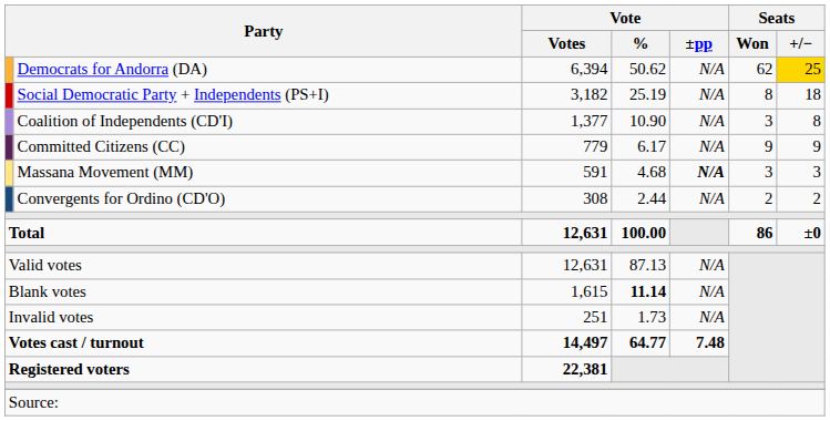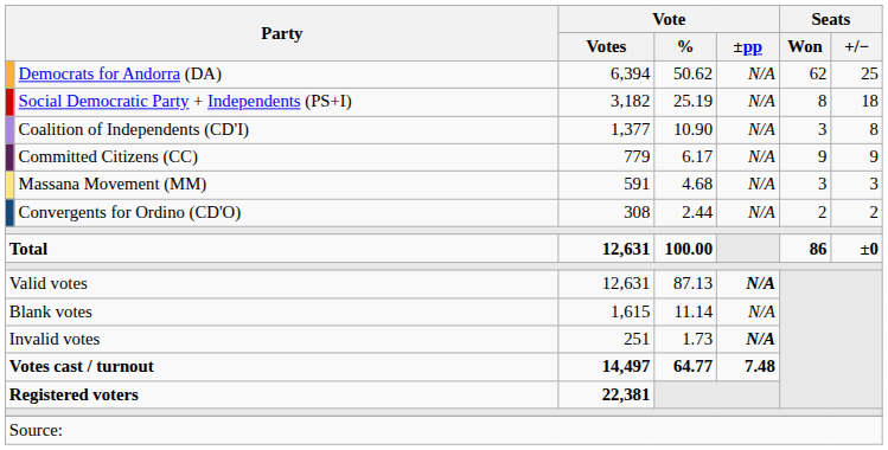 <table class="wikitable" style="text-align:right; font-size:100%; margin-bottom:0">
 <tr>
 <th align="left" rowspan="2" colspan="2" width="500">Party</th>
 <th colspan="3">Vote</th>
 <th colspan="2">Seats</th>
 </tr>
 <tr>
 <th width="80">Votes</th>
 <th width="50">%</th>
 <th width="50">±<a href='#'>pp</a></th>
 <th width="40">Won</th>
 <th width="40">+/−</th>
 </tr>
 <tr>
 <td width="1" style="color:inherit;background:#FFB232"></td>
 <td align="left"><a href='#'>Democrats for Andorra</a> (DA)</td>
 <td>6,394</td>
 <td>50.62</td>
 <td><em>N/A</em></td>
 <td>62</td>
-<td style="background: gold;">25</td>
+<td>25</td>
 </tr>
 <tr>
 <td width="1" style="color:inherit;background:#D40000"></td>
 <td align="left"><a href='#'>Social Democratic Party</a> + <a href='#'>Independents</a> (PS+I)</td>
 <td>3,182</td>
 <td>25.19</td>
 <td><em>N/A</em></td>
 <td>8</td>
 <td>18</td>
 </tr>
 <tr>
 <td width="1" style="color:inherit;background:#aa87de"></td>
 <td align="left">Coalition of Independents (CD'I)</td>
 <td>1,377</td>
 <td>10.90</td>
 <td><em>N/A</em></td>
 <td>3</td>
 <td>8</td>
 </tr>
 <tr>
 <td width="1" style="color:inherit;background:#5A205A"></td>
 <td align="left">Committed Citizens (CC)</td>
 <td>779</td>
 <td>6.17</td>
 <td><em>N/A</em></td>
 <td>9</td>
 <td>9</td>
 </tr>
 <tr>
 <td width="1" style="color:inherit;background:#FFE680"></td>
 <td align="left">Massana Movement (MM)</td>
 <td>591</td>
 <td>4.68</td>
-<td><strong><em>N/A</em></strong></td>
+<td><em>N/A</em></td>
 <td>3</td>
 <td>3</td>
 </tr>
 <tr>
 <td width="1" style="color:inherit;background:#174A7C"></td>
 <td align="left">Convergents for Ordino (CD'O)</td>
 <td>308</td>
 <td>2.44</td>
 <td><em>N/A</em></td>
 <td>2</td>
 <td>2</td>
 </tr>
 <tr>
 <td colspan="7" bgcolor="#E9E9E9"></td>
 </tr>
 <tr style="font-weight:bold;">
 <td align="left" colspan="2">Total</td>
 <td>12,631</td>
 <td>100.00</td>
 <td bgcolor="#E9E9E9"></td>
 <td>86</td>
 <td>±0</td>
 </tr>
 <tr>
 <td colspan="7" bgcolor="#E9E9E9"></td>
 </tr>
 <tr>
 <td align="left" colspan="2">Valid votes</td>
 <td>12,631</td>
 <td>87.13</td>
-<td><em>N/A</em></td>
+<td><strong><em>N/A</em></strong></td>
 <td bgcolor="#E9E9E9" colspan="2" rowspan="5"></td>
 </tr>
 <tr>
 <td align="left" colspan="2">Blank votes</td>
 <td>1,615</td>
-<td><strong>11.14</strong></td>
+<td>11.14</td>
 <td><em>N/A</em></td>
 </tr>
 <tr>
 <td align="left" colspan="2">Invalid votes</td>
 <td>251</td>
 <td>1.73</td>
-<td><em>N/A</em></td>
+<td><strong><em>N/A</em></strong></td>
 </tr>
 <tr style="font-weight:bold;">
 <td align="left" colspan="2">Votes cast / turnout</td>
 <td>14,497</td>
 <td>64.77</td>
 <td>7.48</td>
 </tr>
 <tr style="font-weight:bold;">
 <td align="left" colspan="2">Registered voters</td>
 <td>22,381</td>
 <td bgcolor="#E9E9E9" colspan="2"></td>
 </tr>
 <tr>
 <td colspan="7" bgcolor="#E9E9E9"></td>
 </tr>
 <tr>
 </tr>
 <tr>
 <td align="left" colspan="7">Source: </td>
 </tr>
 </table>
